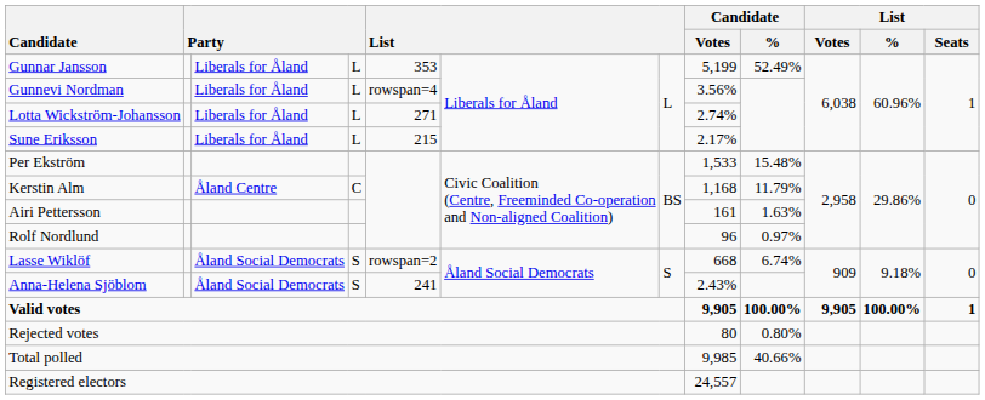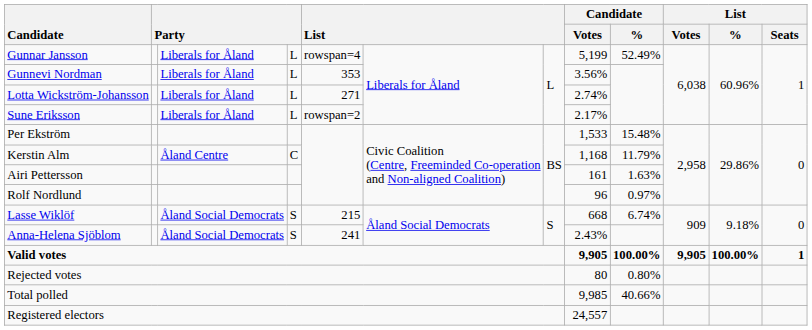 <table class="wikitable" border="1" style="text-align:right;">
 <tr>
 <th ! style="text-align:left;" valign=bottom rowspan=2>Candidate</th>
 <th style="text-align:left;" valign=bottom rowspan=2 colspan=3>Party</th>
 <th style="text-align:left;" valign=bottom rowspan=2 colspan=3>List</th>
 <th colspan=2>Candidate</th>
 <th colspan=3>List</th>
 </tr>
 <tr>
 <th align=center valign=bottom width="50">Votes</th>
 <th align=center valign=bottom width="50">%</th>
 <th align=center valign=bottom width="50">Votes</th>
 <th align=center valign=bottom width="50">%</th>
 <th align=center valign=bottom width="50">Seats</th>
 </tr>
 <tr>
 <td align=left><a href='#'>Gunnar Jansson</a></td>
 <td></td>
 <td align=left><a href='#'>Liberals for Åland</a></td>
 <td align=left>L</td>
-<td>353</td>
+<td>rowspan=4 </td>
 <td rowspan=4 align=left><a href='#'>Liberals for Åland</a></td>
 <td rowspan=4 align=left>L</td>
 <td>5,199</td>
 <td>52.49%</td>
 <td rowspan=4>6,038</td>
 <td rowspan=4>60.96%</td>
 <td rowspan=4>1</td>
 </tr>
 <tr>
 <td align=left><a href='#'>Gunnevi Nordman</a></td>
 <td></td>
 <td align=left><a href='#'>Liberals for Åland</a></td>
 <td align=left>L</td>
-<td>rowspan=4 </td>
+<td>353</td>
 <td>3.56%</td>
 </tr>
 <tr>
 <td align=left><a href='#'>Lotta Wickström-Johansson</a></td>
 <td></td>
 <td align=left><a href='#'>Liberals for Åland</a></td>
 <td align=left>L</td>
 <td>271</td>
 <td>2.74%</td>
 </tr>
 <tr>
 <td align=left><a href='#'>Sune Eriksson</a></td>
 <td></td>
 <td align=left><a href='#'>Liberals for Åland</a></td>
 <td align=left>L</td>
-<td>215</td>
+<td>rowspan=2 </td>
 <td>2.17%</td>
 </tr>
 <tr>
 <td align=left>Per Ekström</td>
 <td></td>
 <td></td>
 <td></td>
 <td rowspan=4></td>
 <td rowspan=4 align=left>Civic Coalition<br>(<a href='#'>Centre</a>, <a href='#'>Freeminded Co-operation</a><br>and <a href='#'>Non-aligned Coalition</a>)</td>
 <td rowspan=4 align=left>BS</td>
 <td>1,533</td>
 <td>15.48%</td>
 <td rowspan=4>2,958</td>
 <td rowspan=4>29.86%</td>
 <td rowspan=4>0</td>
 </tr>
 <tr>
 <td align=left>Kerstin Alm</td>
 <td></td>
 <td align=left><a href='#'>Åland Centre</a></td>
 <td align=left>C</td>
 <td>1,168</td>
 <td>11.79%</td>
 </tr>
 <tr>
 <td align=left>Airi Pettersson</td>
 <td></td>
 <td></td>
 <td></td>
 <td>161</td>
 <td>1.63%</td>
 </tr>
 <tr>
 <td align=left>Rolf Nordlund</td>
 <td></td>
 <td></td>
 <td></td>
 <td>96</td>
 <td>0.97%</td>
 </tr>
 <tr>
 <td align=left><a href='#'>Lasse Wiklöf</a></td>
 <td></td>
 <td align=left><a href='#'>Åland Social Democrats</a></td>
 <td align=left>S</td>
-<td>rowspan=2 </td>
+<td>215</td>
 <td rowspan=2 align=left><a href='#'>Åland Social Democrats</a></td>
 <td rowspan=2 align=left>S</td>
 <td>668</td>
 <td>6.74%</td>
 <td rowspan=2>909</td>
 <td rowspan=2>9.18%</td>
 <td rowspan=2>0</td>
 </tr>
 <tr>
 <td align=left><a href='#'>Anna-Helena Sjöblom</a></td>
 <td></td>
 <td align=left><a href='#'>Åland Social Democrats</a></td>
 <td align=left>S</td>
 <td>241</td>
 <td>2.43%</td>
 </tr>
 <tr style="font-weight:bold">
 <td align=left colspan=7>Valid votes</td>
 <td>9,905</td>
 <td>100.00%</td>
 <td>9,905</td>
 <td>100.00%</td>
 <td>1</td>
 </tr>
 <tr>
 <td align=left colspan=7>Rejected votes</td>
 <td>80</td>
 <td>0.80%</td>
 <td></td>
 <td></td>
 <td></td>
 </tr>
 <tr>
 <td align=left colspan=7>Total polled</td>
 <td>9,985</td>
 <td>40.66%</td>
 <td></td>
 <td></td>
 <td></td>
 </tr>
 <tr>
 <td align=left colspan=7>Registered electors</td>
 <td>24,557</td>
 <td></td>
 <td></td>
 <td></td>
 <td></td>
 </tr>
 </table>
